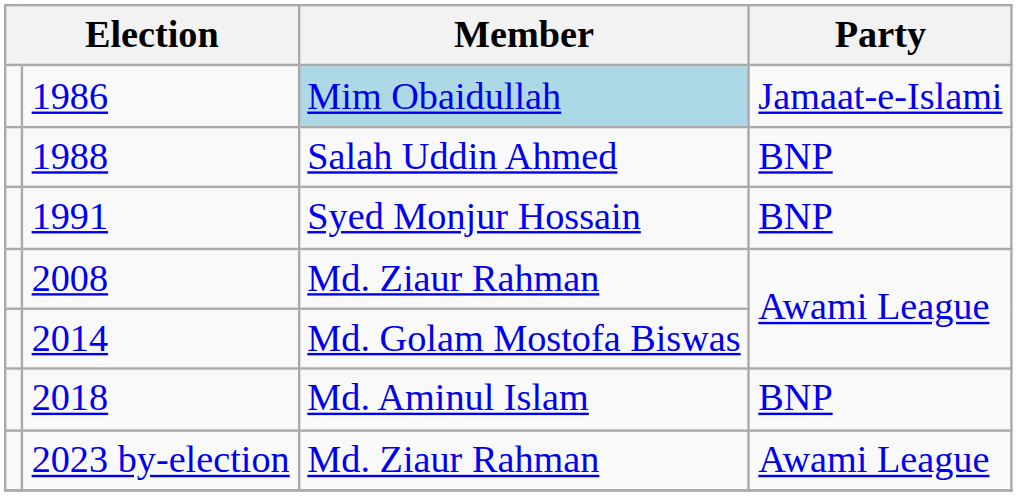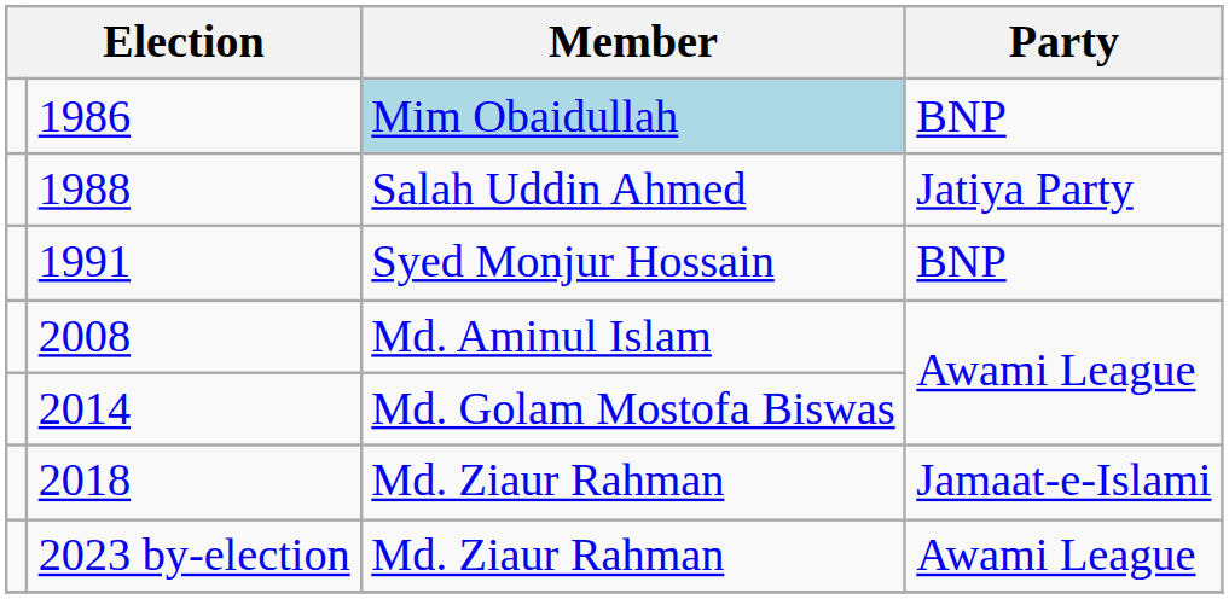 <table class="wikitable">
 <tr>
 <th colspan="2">Election</th>
 <th>Member</th>
 <th>Party</th>
 </tr>
 <tr>
 <td style="background-color:"></td>
 <td><a href='#'>1986</a></td>
 <td style="background: lightblue;"><a href='#'>Mim Obaidullah</a></td>
-<td><a href='#'>Jamaat-e-Islami</a></td>
+<td><a href='#'>BNP</a></td>
 </tr>
 <tr>
 <td style="background-color:"></td>
 <td><a href='#'>1988</a></td>
 <td><a href='#'>Salah Uddin Ahmed</a></td>
-<td><a href='#'>BNP</a></td>
+<td><a href='#'>Jatiya Party</a></td>
 </tr>
 <tr>
 <td style="background-color:"></td>
 <td><a href='#'>1991</a></td>
 <td><a href='#'>Syed Monjur Hossain</a></td>
 <td><a href='#'>BNP</a></td>
 </tr>
 <tr>
 <td style="background-color:"></td>
 <td><a href='#'>2008</a></td>
-<td><a href='#'>Md. Ziaur Rahman</a></td>
+<td><a href='#'>Md. Aminul Islam</a></td>
 <td rowspan="2"><a href='#'>Awami League</a><strong></strong></td>
 </tr>
 <tr>
 <td style="background-color:"></td>
 <td><a href='#'>2014</a></td>
 <td><a href='#'>Md. Golam Mostofa Biswas</a></td>
 </tr>
 <tr>
 <td style="background-color:"></td>
 <td><a href='#'>2018</a></td>
-<td><a href='#'>Md. Aminul Islam</a></td>
-<td><a href='#'>BNP</a></td>
+<td><a href='#'>Md. Ziaur Rahman</a></td>
+<td><a href='#'>Jamaat-e-Islami</a></td>
 </tr>
 <tr>
 <td style="background-color:"></td>
 <td><a href='#'>2023 by-election</a></td>
 <td><a href='#'>Md. Ziaur Rahman</a></td>
 <td><a href='#'>Awami League</a></td>
 </tr>
 <tr>
 </tr>
 </table>
